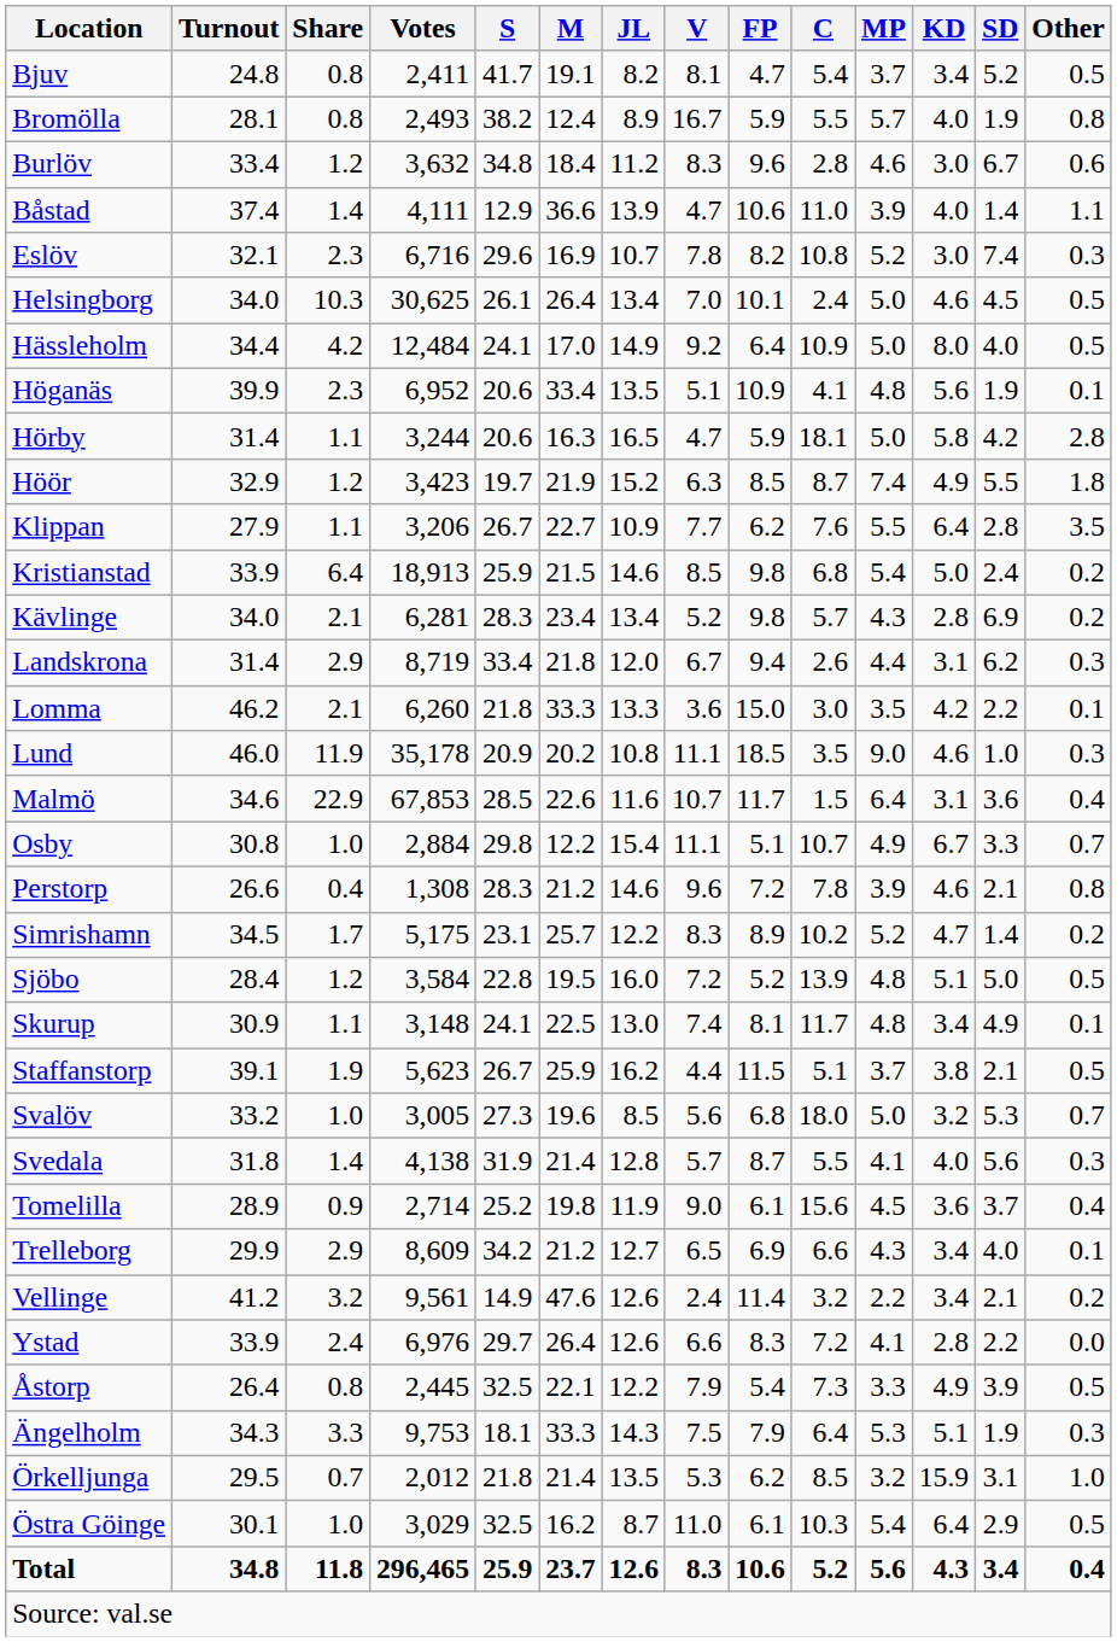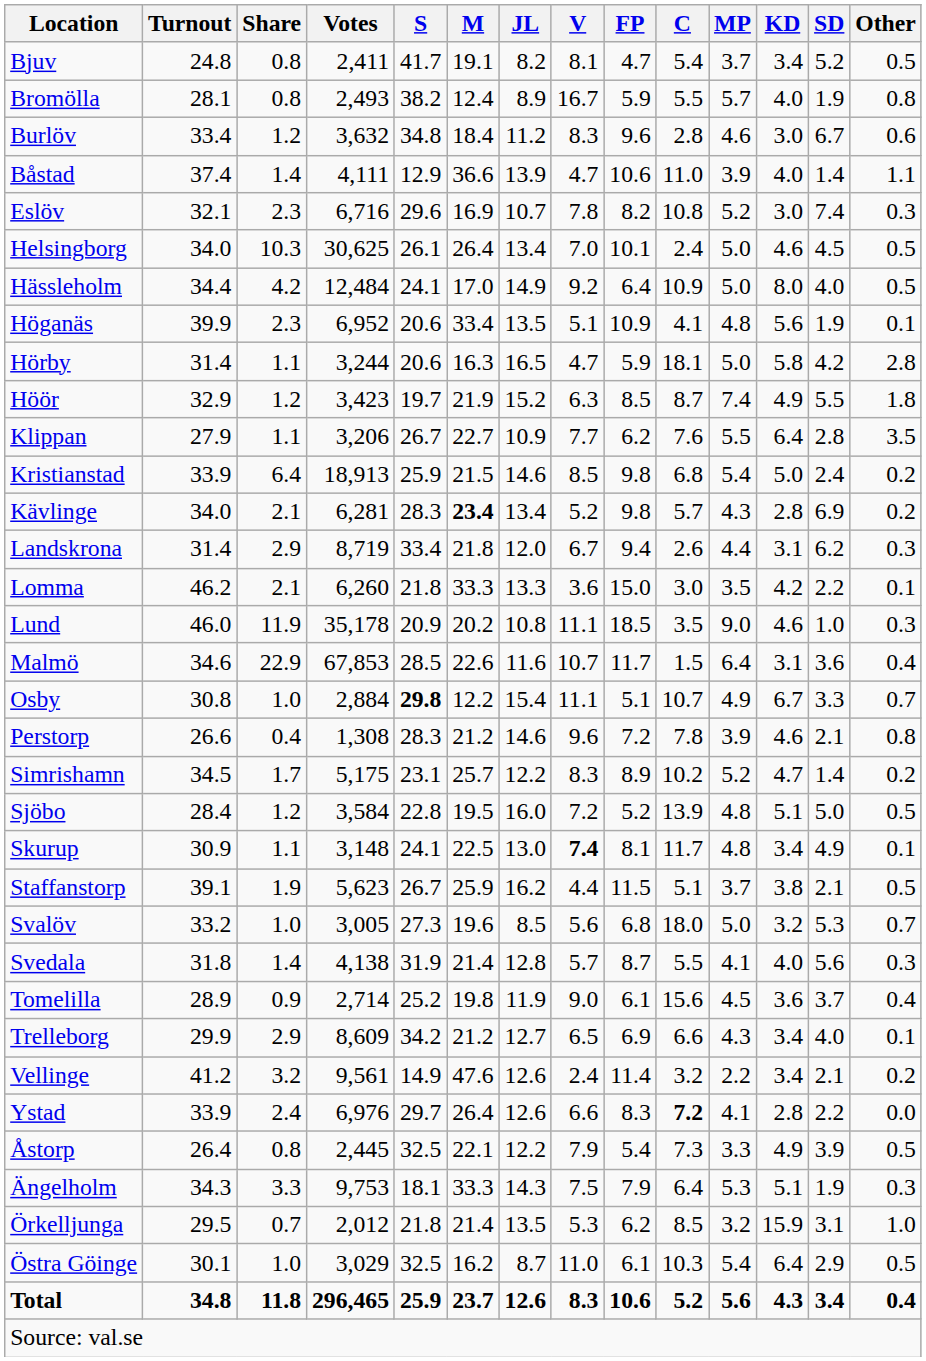 <table class="wikitable sortable" style=text-align:right>
 <tr>
 <th>Location</th>
 <th>Turnout</th>
 <th>Share</th>
 <th>Votes</th>
 <th><a href='#'>S</a></th>
 <th><a href='#'>M</a></th>
 <th><a href='#'>JL</a></th>
 <th><a href='#'>V</a></th>
 <th><a href='#'>FP</a></th>
 <th><a href='#'>C</a></th>
 <th><a href='#'>MP</a></th>
 <th><a href='#'>KD</a></th>
 <th><a href='#'>SD</a></th>
 <th>Other</th>
 </tr>
 <tr>
 <td align=left><a href='#'>Bjuv</a></td>
 <td>24.8</td>
 <td>0.8</td>
 <td>2,411</td>
 <td>41.7</td>
 <td>19.1</td>
 <td>8.2</td>
 <td>8.1</td>
 <td>4.7</td>
 <td>5.4</td>
 <td>3.7</td>
 <td>3.4</td>
 <td>5.2</td>
 <td>0.5</td>
 </tr>
 <tr>
 <td align=left><a href='#'>Bromölla</a></td>
 <td>28.1</td>
 <td>0.8</td>
 <td>2,493</td>
 <td>38.2</td>
 <td>12.4</td>
 <td>8.9</td>
 <td>16.7</td>
 <td>5.9</td>
 <td>5.5</td>
 <td>5.7</td>
 <td>4.0</td>
 <td>1.9</td>
 <td>0.8</td>
 </tr>
 <tr>
 <td align=left><a href='#'>Burlöv</a></td>
 <td>33.4</td>
 <td>1.2</td>
 <td>3,632</td>
 <td>34.8</td>
 <td>18.4</td>
 <td>11.2</td>
 <td>8.3</td>
 <td>9.6</td>
 <td>2.8</td>
 <td>4.6</td>
 <td>3.0</td>
 <td>6.7</td>
 <td>0.6</td>
 </tr>
 <tr>
 <td align=left><a href='#'>Båstad</a></td>
 <td>37.4</td>
 <td>1.4</td>
 <td>4,111</td>
 <td>12.9</td>
 <td>36.6</td>
 <td>13.9</td>
 <td>4.7</td>
 <td>10.6</td>
 <td>11.0</td>
 <td>3.9</td>
 <td>4.0</td>
 <td>1.4</td>
 <td>1.1</td>
 </tr>
 <tr>
 <td align=left><a href='#'>Eslöv</a></td>
 <td>32.1</td>
 <td>2.3</td>
 <td>6,716</td>
 <td>29.6</td>
 <td>16.9</td>
 <td>10.7</td>
 <td>7.8</td>
 <td>8.2</td>
 <td>10.8</td>
 <td>5.2</td>
 <td>3.0</td>
 <td>7.4</td>
 <td>0.3</td>
 </tr>
 <tr>
 <td align=left><a href='#'>Helsingborg</a></td>
 <td>34.0</td>
 <td>10.3</td>
 <td>30,625</td>
 <td>26.1</td>
 <td>26.4</td>
 <td>13.4</td>
 <td>7.0</td>
 <td>10.1</td>
 <td>2.4</td>
 <td>5.0</td>
 <td>4.6</td>
 <td>4.5</td>
 <td>0.5</td>
 </tr>
 <tr>
 <td align=left><a href='#'>Hässleholm</a></td>
 <td>34.4</td>
 <td>4.2</td>
 <td>12,484</td>
 <td>24.1</td>
 <td>17.0</td>
 <td>14.9</td>
 <td>9.2</td>
 <td>6.4</td>
 <td>10.9</td>
 <td>5.0</td>
 <td>8.0</td>
 <td>4.0</td>
 <td>0.5</td>
 </tr>
 <tr>
 <td align=left><a href='#'>Höganäs</a></td>
 <td>39.9</td>
 <td>2.3</td>
 <td>6,952</td>
 <td>20.6</td>
 <td>33.4</td>
 <td>13.5</td>
 <td>5.1</td>
 <td>10.9</td>
 <td>4.1</td>
 <td>4.8</td>
 <td>5.6</td>
 <td>1.9</td>
 <td>0.1</td>
 </tr>
 <tr>
 <td align=left><a href='#'>Hörby</a></td>
 <td>31.4</td>
 <td>1.1</td>
 <td>3,244</td>
 <td>20.6</td>
 <td>16.3</td>
 <td>16.5</td>
 <td>4.7</td>
 <td>5.9</td>
 <td>18.1</td>
 <td>5.0</td>
 <td>5.8</td>
 <td>4.2</td>
 <td>2.8</td>
 </tr>
 <tr>
 <td align=left><a href='#'>Höör</a></td>
 <td>32.9</td>
 <td>1.2</td>
 <td>3,423</td>
 <td>19.7</td>
 <td>21.9</td>
 <td>15.2</td>
 <td>6.3</td>
 <td>8.5</td>
 <td>8.7</td>
 <td>7.4</td>
 <td>4.9</td>
 <td>5.5</td>
 <td>1.8</td>
 </tr>
 <tr>
 <td align=left><a href='#'>Klippan</a></td>
 <td>27.9</td>
 <td>1.1</td>
 <td>3,206</td>
 <td>26.7</td>
 <td>22.7</td>
 <td>10.9</td>
 <td>7.7</td>
 <td>6.2</td>
 <td>7.6</td>
 <td>5.5</td>
 <td>6.4</td>
 <td>2.8</td>
 <td>3.5</td>
 </tr>
 <tr>
 <td align=left><a href='#'>Kristianstad</a></td>
 <td>33.9</td>
 <td>6.4</td>
 <td>18,913</td>
 <td>25.9</td>
 <td>21.5</td>
 <td>14.6</td>
 <td>8.5</td>
 <td>9.8</td>
 <td>6.8</td>
 <td>5.4</td>
 <td>5.0</td>
 <td>2.4</td>
 <td>0.2</td>
 </tr>
 <tr>
 <td align=left><a href='#'>Kävlinge</a></td>
 <td>34.0</td>
 <td>2.1</td>
 <td>6,281</td>
 <td>28.3</td>
-<td>23.4</td>
+<td><strong>23.4</strong></td>
 <td>13.4</td>
 <td>5.2</td>
 <td>9.8</td>
 <td>5.7</td>
 <td>4.3</td>
 <td>2.8</td>
 <td>6.9</td>
 <td>0.2</td>
 </tr>
 <tr>
 <td align=left><a href='#'>Landskrona</a></td>
 <td>31.4</td>
 <td>2.9</td>
 <td>8,719</td>
 <td>33.4</td>
 <td>21.8</td>
 <td>12.0</td>
 <td>6.7</td>
 <td>9.4</td>
 <td>2.6</td>
 <td>4.4</td>
 <td>3.1</td>
 <td>6.2</td>
 <td>0.3</td>
 </tr>
 <tr>
 <td align=left><a href='#'>Lomma</a></td>
 <td>46.2</td>
 <td>2.1</td>
 <td>6,260</td>
 <td>21.8</td>
 <td>33.3</td>
 <td>13.3</td>
 <td>3.6</td>
 <td>15.0</td>
 <td>3.0</td>
 <td>3.5</td>
 <td>4.2</td>
 <td>2.2</td>
 <td>0.1</td>
 </tr>
 <tr>
 <td align=left><a href='#'>Lund</a></td>
 <td>46.0</td>
 <td>11.9</td>
 <td>35,178</td>
 <td>20.9</td>
 <td>20.2</td>
 <td>10.8</td>
 <td>11.1</td>
 <td>18.5</td>
 <td>3.5</td>
 <td>9.0</td>
 <td>4.6</td>
 <td>1.0</td>
 <td>0.3</td>
 </tr>
 <tr>
 <td align=left><a href='#'>Malmö</a></td>
 <td>34.6</td>
 <td>22.9</td>
 <td>67,853</td>
 <td>28.5</td>
 <td>22.6</td>
 <td>11.6</td>
 <td>10.7</td>
 <td>11.7</td>
 <td>1.5</td>
 <td>6.4</td>
 <td>3.1</td>
 <td>3.6</td>
 <td>0.4</td>
 </tr>
 <tr>
 <td align=left><a href='#'>Osby</a></td>
 <td>30.8</td>
 <td>1.0</td>
 <td>2,884</td>
-<td>29.8</td>
+<td><strong>29.8</strong></td>
 <td>12.2</td>
 <td>15.4</td>
 <td>11.1</td>
 <td>5.1</td>
 <td>10.7</td>
 <td>4.9</td>
 <td>6.7</td>
 <td>3.3</td>
 <td>0.7</td>
 </tr>
 <tr>
 <td align=left><a href='#'>Perstorp</a></td>
 <td>26.6</td>
 <td>0.4</td>
 <td>1,308</td>
 <td>28.3</td>
 <td>21.2</td>
 <td>14.6</td>
 <td>9.6</td>
 <td>7.2</td>
 <td>7.8</td>
 <td>3.9</td>
 <td>4.6</td>
 <td>2.1</td>
 <td>0.8</td>
 </tr>
 <tr>
 <td align=left><a href='#'>Simrishamn</a></td>
 <td>34.5</td>
 <td>1.7</td>
 <td>5,175</td>
 <td>23.1</td>
 <td>25.7</td>
 <td>12.2</td>
 <td>8.3</td>
 <td>8.9</td>
 <td>10.2</td>
 <td>5.2</td>
 <td>4.7</td>
 <td>1.4</td>
 <td>0.2</td>
 </tr>
 <tr>
 <td align=left><a href='#'>Sjöbo</a></td>
 <td>28.4</td>
 <td>1.2</td>
 <td>3,584</td>
 <td>22.8</td>
 <td>19.5</td>
 <td>16.0</td>
 <td>7.2</td>
 <td>5.2</td>
 <td>13.9</td>
 <td>4.8</td>
 <td>5.1</td>
 <td>5.0</td>
 <td>0.5</td>
 </tr>
 <tr>
 <td align=left><a href='#'>Skurup</a></td>
 <td>30.9</td>
 <td>1.1</td>
 <td>3,148</td>
 <td>24.1</td>
 <td>22.5</td>
 <td>13.0</td>
-<td>7.4</td>
+<td><strong>7.4</strong></td>
 <td>8.1</td>
 <td>11.7</td>
 <td>4.8</td>
 <td>3.4</td>
 <td>4.9</td>
 <td>0.1</td>
 </tr>
 <tr>
 <td align=left><a href='#'>Staffanstorp</a></td>
 <td>39.1</td>
 <td>1.9</td>
 <td>5,623</td>
 <td>26.7</td>
 <td>25.9</td>
 <td>16.2</td>
 <td>4.4</td>
 <td>11.5</td>
 <td>5.1</td>
 <td>3.7</td>
 <td>3.8</td>
 <td>2.1</td>
 <td>0.5</td>
 </tr>
 <tr>
 <td align=left><a href='#'>Svalöv</a></td>
 <td>33.2</td>
 <td>1.0</td>
 <td>3,005</td>
 <td>27.3</td>
 <td>19.6</td>
 <td>8.5</td>
 <td>5.6</td>
 <td>6.8</td>
 <td>18.0</td>
 <td>5.0</td>
 <td>3.2</td>
 <td>5.3</td>
 <td>0.7</td>
 </tr>
 <tr>
 <td align=left><a href='#'>Svedala</a></td>
 <td>31.8</td>
 <td>1.4</td>
 <td>4,138</td>
 <td>31.9</td>
 <td>21.4</td>
 <td>12.8</td>
 <td>5.7</td>
 <td>8.7</td>
 <td>5.5</td>
 <td>4.1</td>
 <td>4.0</td>
 <td>5.6</td>
 <td>0.3</td>
 </tr>
 <tr>
 <td align=left><a href='#'>Tomelilla</a></td>
 <td>28.9</td>
 <td>0.9</td>
 <td>2,714</td>
 <td>25.2</td>
 <td>19.8</td>
 <td>11.9</td>
 <td>9.0</td>
 <td>6.1</td>
 <td>15.6</td>
 <td>4.5</td>
 <td>3.6</td>
 <td>3.7</td>
 <td>0.4</td>
 </tr>
 <tr>
 <td align=left><a href='#'>Trelleborg</a></td>
 <td>29.9</td>
 <td>2.9</td>
 <td>8,609</td>
 <td>34.2</td>
 <td>21.2</td>
 <td>12.7</td>
 <td>6.5</td>
 <td>6.9</td>
 <td>6.6</td>
 <td>4.3</td>
 <td>3.4</td>
 <td>4.0</td>
 <td>0.1</td>
 </tr>
 <tr>
 <td align=left><a href='#'>Vellinge</a></td>
 <td>41.2</td>
 <td>3.2</td>
 <td>9,561</td>
 <td>14.9</td>
 <td>47.6</td>
 <td>12.6</td>
 <td>2.4</td>
 <td>11.4</td>
 <td>3.2</td>
 <td>2.2</td>
 <td>3.4</td>
 <td>2.1</td>
 <td>0.2</td>
 </tr>
 <tr>
 <td align=left><a href='#'>Ystad</a></td>
 <td>33.9</td>
 <td>2.4</td>
 <td>6,976</td>
 <td>29.7</td>
 <td>26.4</td>
 <td>12.6</td>
 <td>6.6</td>
 <td>8.3</td>
-<td>7.2</td>
+<td><strong>7.2</strong></td>
 <td>4.1</td>
 <td>2.8</td>
 <td>2.2</td>
 <td>0.0</td>
 </tr>
 <tr>
 <td align=left><a href='#'>Åstorp</a></td>
 <td>26.4</td>
 <td>0.8</td>
 <td>2,445</td>
 <td>32.5</td>
 <td>22.1</td>
 <td>12.2</td>
 <td>7.9</td>
 <td>5.4</td>
 <td>7.3</td>
 <td>3.3</td>
 <td>4.9</td>
 <td>3.9</td>
 <td>0.5</td>
 </tr>
 <tr>
 <td align=left><a href='#'>Ängelholm</a></td>
 <td>34.3</td>
 <td>3.3</td>
 <td>9,753</td>
 <td>18.1</td>
 <td>33.3</td>
 <td>14.3</td>
 <td>7.5</td>
 <td>7.9</td>
 <td>6.4</td>
 <td>5.3</td>
 <td>5.1</td>
 <td>1.9</td>
 <td>0.3</td>
 </tr>
 <tr>
 <td align=left><a href='#'>Örkelljunga</a></td>
 <td>29.5</td>
 <td>0.7</td>
 <td>2,012</td>
 <td>21.8</td>
 <td>21.4</td>
 <td>13.5</td>
 <td>5.3</td>
 <td>6.2</td>
 <td>8.5</td>
 <td>3.2</td>
 <td>15.9</td>
 <td>3.1</td>
 <td>1.0</td>
 </tr>
 <tr>
 <td align=left><a href='#'>Östra Göinge</a></td>
 <td>30.1</td>
 <td>1.0</td>
 <td>3,029</td>
 <td>32.5</td>
 <td>16.2</td>
 <td>8.7</td>
 <td>11.0</td>
 <td>6.1</td>
 <td>10.3</td>
 <td>5.4</td>
 <td>6.4</td>
 <td>2.9</td>
 <td>0.5</td>
 </tr>
 <tr>
 <td align=left><strong>Total</strong></td>
 <td><strong>34.8</strong></td>
 <td><strong>11.8</strong></td>
 <td><strong>296,465</strong></td>
 <td><strong>25.9</strong></td>
 <td><strong>23.7</strong></td>
 <td><strong>12.6</strong></td>
 <td><strong>8.3</strong></td>
 <td><strong>10.6</strong></td>
 <td><strong>5.2</strong></td>
 <td><strong>5.6</strong></td>
 <td><strong>4.3</strong></td>
 <td><strong>3.4</strong></td>
 <td><strong>0.4</strong></td>
 </tr>
 <tr>
 <td align=left colspan=14>Source: val.se </td>
 </tr>
 </table>
